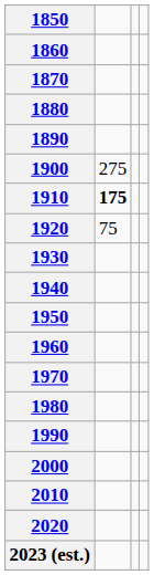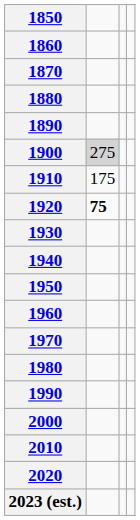 <table class="wikitable">
 <tr>
 <th><a href='#'>1850</a></th>
 <td></td>
 <td></td>
 <td></td>
 </tr>
 <tr>
 <th><a href='#'>1860</a></th>
 <td></td>
 <td></td>
 <td></td>
 </tr>
 <tr>
 <th><a href='#'>1870</a></th>
 <td></td>
 <td></td>
 <td></td>
 </tr>
 <tr>
 <th><a href='#'>1880</a></th>
 <td></td>
 <td></td>
 <td></td>
 </tr>
 <tr>
 <th><a href='#'>1890</a></th>
 <td></td>
 <td></td>
 <td></td>
 </tr>
 <tr>
 <th><a href='#'>1900</a></th>
-<td>275</td>
+<td style="background: lightgrey;">275</td>
 <td></td>
 <td></td>
 </tr>
 <tr>
 <th><a href='#'>1910</a></th>
-<td><strong>175</strong></td>
+<td>175</td>
 <td></td>
 <td></td>
 </tr>
 <tr>
 <th><a href='#'>1920</a></th>
-<td>75</td>
+<td><strong>75</strong></td>
 <td></td>
 <td></td>
 </tr>
 <tr>
 <th><a href='#'>1930</a></th>
 <td></td>
 <td></td>
 <td></td>
 </tr>
 <tr>
 <th><a href='#'>1940</a></th>
 <td></td>
 <td></td>
 <td></td>
 </tr>
 <tr>
 <th><a href='#'>1950</a></th>
 <td></td>
 <td></td>
 <td></td>
 </tr>
 <tr>
 <th><a href='#'>1960</a></th>
 <td></td>
 <td></td>
 <td></td>
 </tr>
 <tr>
 <th><a href='#'>1970</a></th>
 <td></td>
 <td></td>
 <td></td>
 </tr>
 <tr>
 <th><a href='#'>1980</a></th>
 <td></td>
 <td></td>
 <td></td>
 </tr>
 <tr>
 <th><a href='#'>1990</a></th>
 <td></td>
 <td></td>
 <td></td>
 </tr>
 <tr>
 <th><a href='#'>2000</a></th>
 <td></td>
 <td></td>
 <td></td>
 </tr>
 <tr>
 <th><a href='#'>2010</a></th>
 <td></td>
 <td></td>
 <td></td>
 </tr>
 <tr>
 <th><a href='#'>2020</a></th>
 <td></td>
 <td></td>
 <td></td>
 </tr>
 <tr>
 <th>2023 (est.)</th>
 <td></td>
 <td></td>
 <td></td>
 </tr>
 </table>
